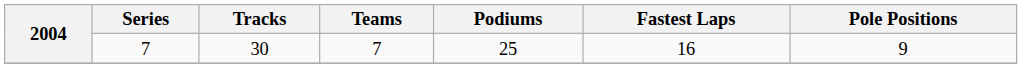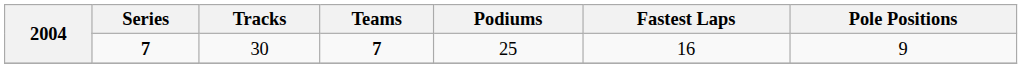 <table class="wikitable" width="881px">
 <tr>
 <th scope="col" rowspan="2">2004</th>
 <th scope="col">Series</th>
 <th scope="col">Tracks</th>
 <th scope="col">Teams</th>
 <th scope="col">Podiums</th>
 <th scope="col">Fastest Laps</th>
 <th scope="col">Pole Positions</th>
 </tr>
 <tr>
-<td style="text-align:center">7</td>
+<td style="text-align:center"><strong>7</strong></td>
 <td style="text-align:center">30</td>
-<td style="text-align:center">7</td>
+<td style="text-align:center"><strong>7</strong></td>
 <td style="text-align:center">25</td>
 <td style="text-align:center">16</td>
 <td style="text-align:center">9</td>
 </tr>
 <tr>
 </tr>
 </table>
